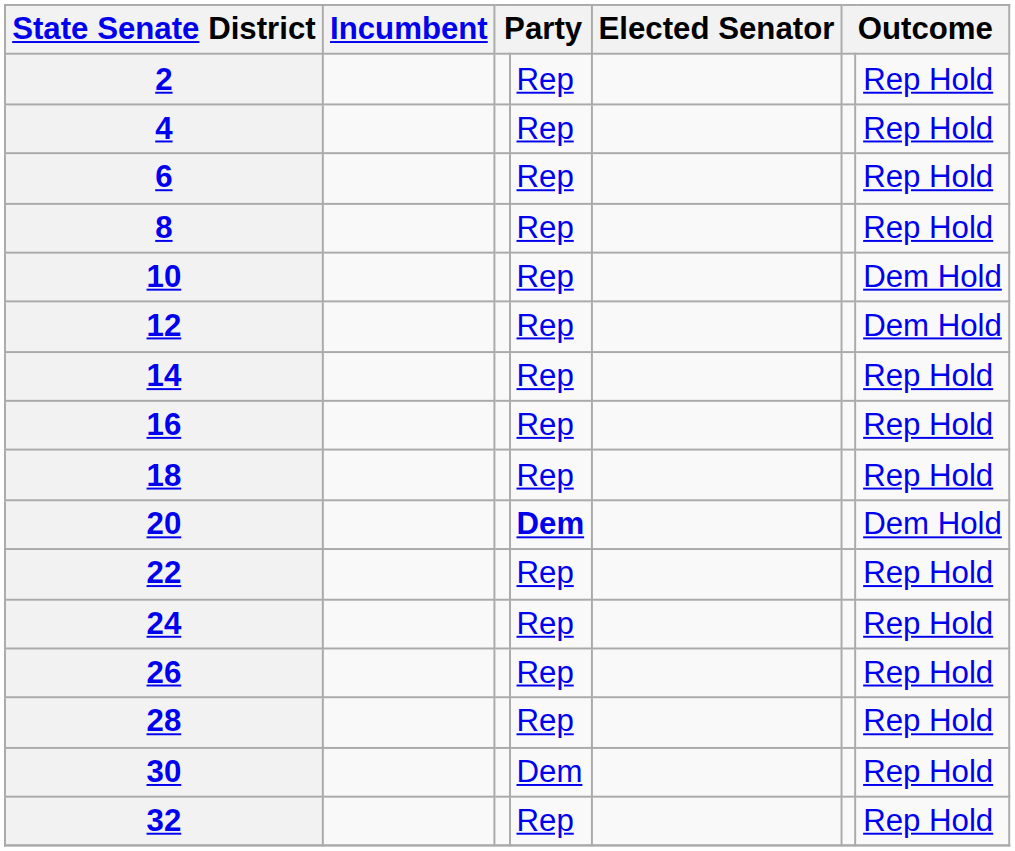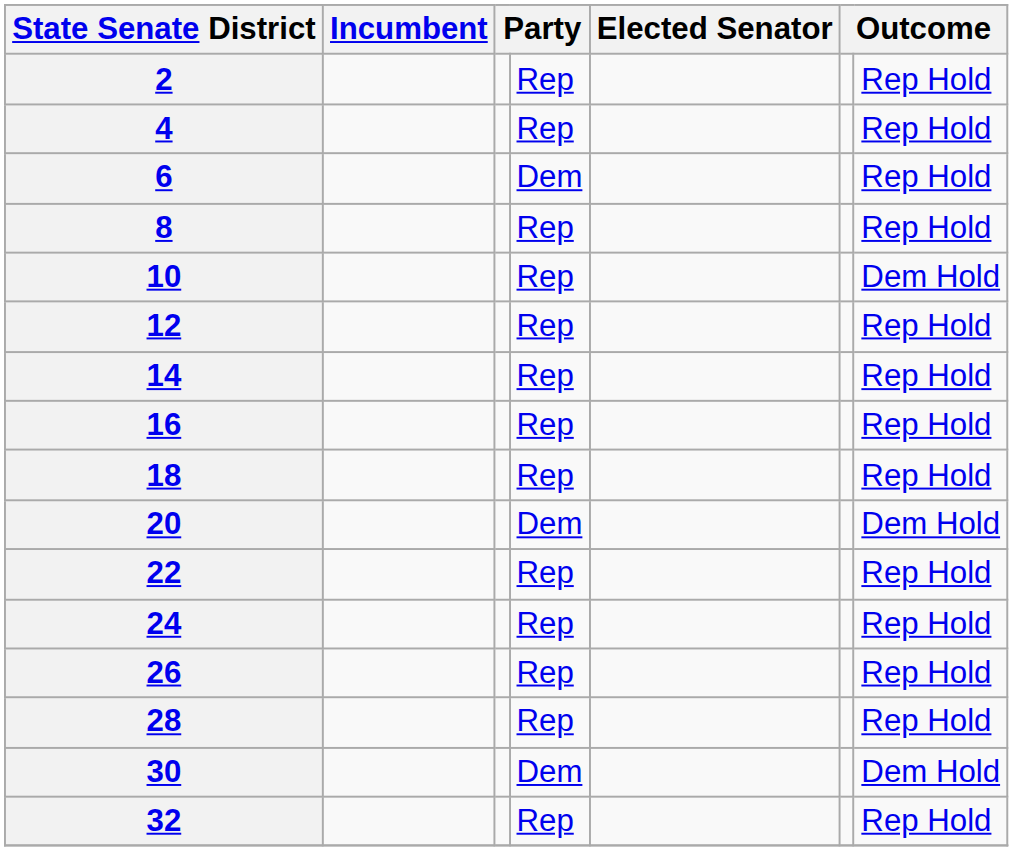 <table class="wikitable sortable">
 <tr>
 <th><a href='#'>State Senate</a> District</th>
 <th><a href='#'>Incumbent</a></th>
 <th colspan="2">Party</th>
 <th>Elected Senator</th>
 <th colspan="2">Outcome</th>
 </tr>
 <tr>
 <th><a href='#'>2</a></th>
 <td></td>
 <td style="background:"></td>
 <td><a href='#'>Rep</a></td>
 <td><em></em></td>
 <td style="background:"></td>
 <td><a href='#'>Rep Hold</a></td>
 </tr>
 <tr>
 <th><a href='#'>4</a></th>
 <td></td>
 <td style="background:"></td>
 <td><a href='#'>Rep</a></td>
 <td><em></em></td>
 <td style="background:"></td>
 <td><a href='#'>Rep Hold</a></td>
 </tr>
 <tr>
 <th><a href='#'>6</a></th>
 <td></td>
 <td style="background:"></td>
-<td><a href='#'>Rep</a></td>
+<td><a href='#'>Dem</a></td>
 <td></td>
 <td style="background:"></td>
 <td><a href='#'>Rep Hold</a></td>
 </tr>
 <tr>
 <th><a href='#'>8</a></th>
 <td></td>
 <td style="background:"></td>
 <td><a href='#'>Rep</a></td>
 <td><em></em></td>
 <td style="background:"></td>
 <td><a href='#'>Rep Hold</a></td>
 </tr>
 <tr>
 <th><a href='#'>10</a></th>
 <td></td>
 <td style="background:"></td>
 <td><a href='#'>Rep</a></td>
 <td></td>
 <td style="background:"></td>
 <td><a href='#'>Dem Hold</a></td>
 </tr>
 <tr>
 <th><a href='#'>12</a></th>
 <td></td>
 <td style="background:"></td>
 <td><a href='#'>Rep</a></td>
 <td></td>
 <td style="background:"></td>
-<td><a href='#'>Dem Hold</a></td>
+<td><a href='#'>Rep Hold</a></td>
 </tr>
 <tr>
 <th><a href='#'>14</a></th>
 <td></td>
 <td style="background:"></td>
 <td><a href='#'>Rep</a></td>
 <td></td>
 <td style="background:"></td>
 <td><a href='#'>Rep Hold</a></td>
 </tr>
 <tr>
 <th><a href='#'>16</a></th>
 <td></td>
 <td style="background:"></td>
 <td><a href='#'>Rep</a></td>
 <td></td>
 <td style="background:"></td>
 <td><a href='#'>Rep Hold</a></td>
 </tr>
 <tr>
 <th><a href='#'>18</a></th>
 <td></td>
 <td style="background:"></td>
 <td><a href='#'>Rep</a></td>
 <td></td>
 <td style="background:"></td>
 <td><a href='#'>Rep Hold</a></td>
 </tr>
 <tr>
 <th><a href='#'>20</a></th>
 <td></td>
 <td style="background:"></td>
-<td><strong><a href='#'>Dem</a></strong></td>
+<td><a href='#'>Dem</a></td>
 <td></td>
 <td style="background:"></td>
 <td><a href='#'>Dem Hold</a></td>
 </tr>
 <tr>
 <th><a href='#'>22</a></th>
 <td></td>
 <td style="background:"></td>
 <td><a href='#'>Rep</a></td>
 <td></td>
 <td style="background:"></td>
 <td><a href='#'>Rep Hold</a></td>
 </tr>
 <tr>
 <th><a href='#'>24</a></th>
 <td></td>
 <td style="background:"></td>
 <td><a href='#'>Rep</a></td>
 <td></td>
 <td style="background:"></td>
 <td><a href='#'>Rep Hold</a></td>
 </tr>
 <tr>
 <th><a href='#'>26</a></th>
 <td></td>
 <td style="background:"></td>
 <td><a href='#'>Rep</a></td>
 <td></td>
 <td style="background:"></td>
 <td><a href='#'>Rep Hold</a></td>
 </tr>
 <tr>
 <th><a href='#'>28</a></th>
 <td></td>
 <td style="background:"></td>
 <td><a href='#'>Rep</a></td>
 <td></td>
 <td style="background:"></td>
 <td><a href='#'>Rep Hold</a></td>
 </tr>
 <tr>
 <th><a href='#'>30</a></th>
 <td></td>
 <td style="background:"></td>
 <td><a href='#'>Dem</a></td>
 <td></td>
 <td style="background:"></td>
-<td><a href='#'>Rep Hold</a></td>
+<td><a href='#'>Dem Hold</a></td>
 </tr>
 <tr>
 <th><a href='#'>32</a></th>
 <td></td>
 <td style="background:"></td>
 <td><a href='#'>Rep</a></td>
 <td></td>
 <td style="background:"></td>
 <td><a href='#'>Rep Hold</a></td>
 </tr>
 <tr>
 </tr>
 </table>
